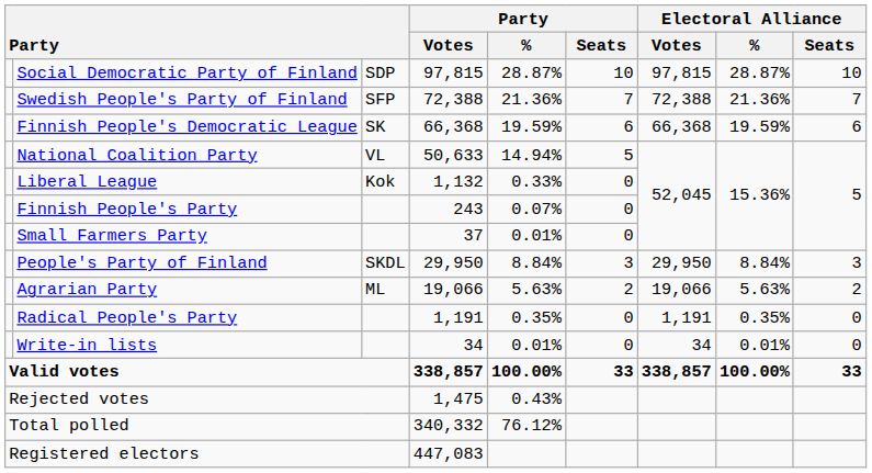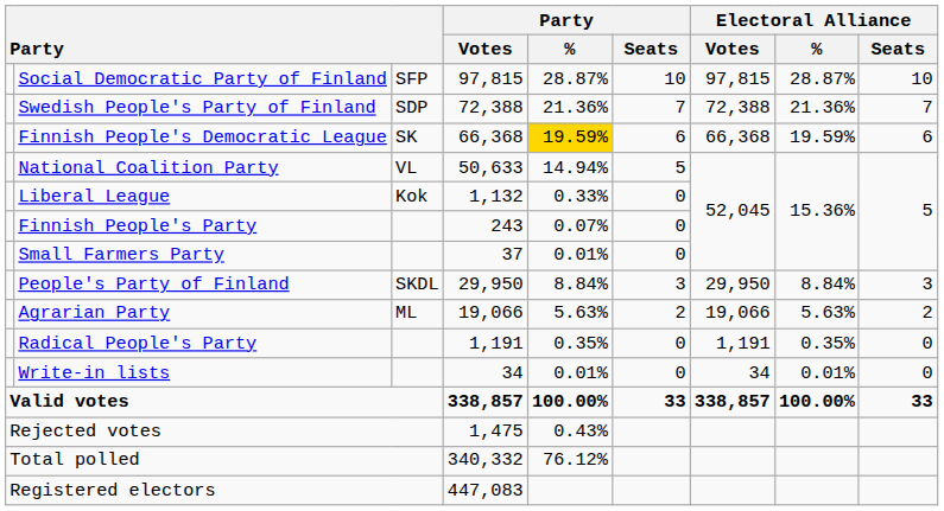 <table class="wikitable" border="1" style="text-align:right;">
 <tr>
 <th style="text-align:left;" valign=bottom rowspan=2 colspan=3>Party</th>
 <th colspan=3>Party</th>
 <th colspan=3>Electoral Alliance</th>
 </tr>
 <tr>
 <th align=center valign=bottom width="50">Votes</th>
 <th align=center valign=bottom width="50">%</th>
 <th align=center valign=bottom width="50">Seats</th>
 <th align=center valign=bottom width="50">Votes</th>
 <th align=center valign=bottom width="50">%</th>
 <th align=center valign=bottom width="50">Seats</th>
 </tr>
 <tr>
 <td style="background:"></td>
 <td align=left style="white-space: nowrap;"><a href='#'>Social Democratic Party of Finland</a></td>
-<td align=left>SDP</td>
+<td align=left>SFP</td>
 <td>97,815</td>
 <td>28.87%</td>
 <td>10</td>
 <td>97,815</td>
 <td>28.87%</td>
 <td>10</td>
 </tr>
 <tr>
 <td></td>
 <td align=left><a href='#'>Swedish People's Party of Finland</a></td>
-<td align=left>SFP</td>
+<td align=left>SDP</td>
 <td>72,388</td>
 <td>21.36%</td>
 <td>7</td>
 <td>72,388</td>
 <td>21.36%</td>
 <td>7</td>
 </tr>
 <tr>
 <td></td>
 <td align=left><a href='#'>Finnish People's Democratic League</a></td>
 <td align=left>SK</td>
 <td>66,368</td>
-<td>19.59%</td>
+<td style="background: gold;">19.59%</td>
 <td>6</td>
 <td>66,368</td>
 <td>19.59%</td>
 <td>6</td>
 </tr>
 <tr>
 <td></td>
 <td align=left><a href='#'>National Coalition Party</a></td>
 <td align=left>VL</td>
 <td>50,633</td>
 <td>14.94%</td>
 <td>5</td>
 <td rowspan=4>52,045</td>
 <td rowspan=4>15.36%</td>
 <td rowspan=4>5</td>
 </tr>
 <tr>
 <td></td>
 <td align=left><a href='#'>Liberal League</a></td>
 <td align=left>Kok</td>
 <td>1,132</td>
 <td>0.33%</td>
 <td>0</td>
 </tr>
 <tr>
 <td></td>
 <td align=left><a href='#'>Finnish People's Party</a></td>
 <td align=left></td>
 <td>243</td>
 <td>0.07%</td>
 <td>0</td>
 </tr>
 <tr>
 <td></td>
 <td align=left><a href='#'>Small Farmers Party</a></td>
 <td align=left></td>
 <td>37</td>
 <td>0.01%</td>
 <td>0</td>
 </tr>
 <tr>
 <td></td>
 <td align=left><a href='#'>People's Party of Finland</a></td>
 <td align=left>SKDL</td>
 <td>29,950</td>
 <td>8.84%</td>
 <td>3</td>
 <td>29,950</td>
 <td>8.84%</td>
 <td>3</td>
 </tr>
 <tr>
 <td></td>
 <td align=left><a href='#'>Agrarian Party</a></td>
 <td align=left>ML</td>
 <td>19,066</td>
 <td>5.63%</td>
 <td>2</td>
 <td>19,066</td>
 <td>5.63%</td>
 <td>2</td>
 </tr>
 <tr>
 <td></td>
 <td align=left><a href='#'>Radical People's Party</a></td>
 <td align=left></td>
 <td>1,191</td>
 <td>0.35%</td>
 <td>0</td>
 <td>1,191</td>
 <td>0.35%</td>
 <td>0</td>
 </tr>
 <tr>
 <td></td>
 <td align=left><a href='#'>Write-in lists</a></td>
 <td align=left></td>
 <td>34</td>
 <td>0.01%</td>
 <td>0</td>
 <td>34</td>
 <td>0.01%</td>
 <td>0</td>
 </tr>
 <tr style="font-weight:bold">
 <td align=left colspan=3>Valid votes</td>
 <td>338,857</td>
 <td>100.00%</td>
 <td>33</td>
 <td>338,857</td>
 <td>100.00%</td>
 <td>33</td>
 </tr>
 <tr>
 <td align=left colspan=3>Rejected votes</td>
 <td>1,475</td>
 <td>0.43%</td>
 <td></td>
 <td></td>
 <td></td>
 <td></td>
 </tr>
 <tr>
 <td align=left colspan=3>Total polled</td>
 <td>340,332</td>
 <td>76.12%</td>
 <td></td>
 <td></td>
 <td></td>
 <td></td>
 </tr>
 <tr>
 <td align=left colspan=3>Registered electors</td>
 <td>447,083</td>
 <td></td>
 <td></td>
 <td></td>
 <td></td>
 <td></td>
 </tr>
 </table>
